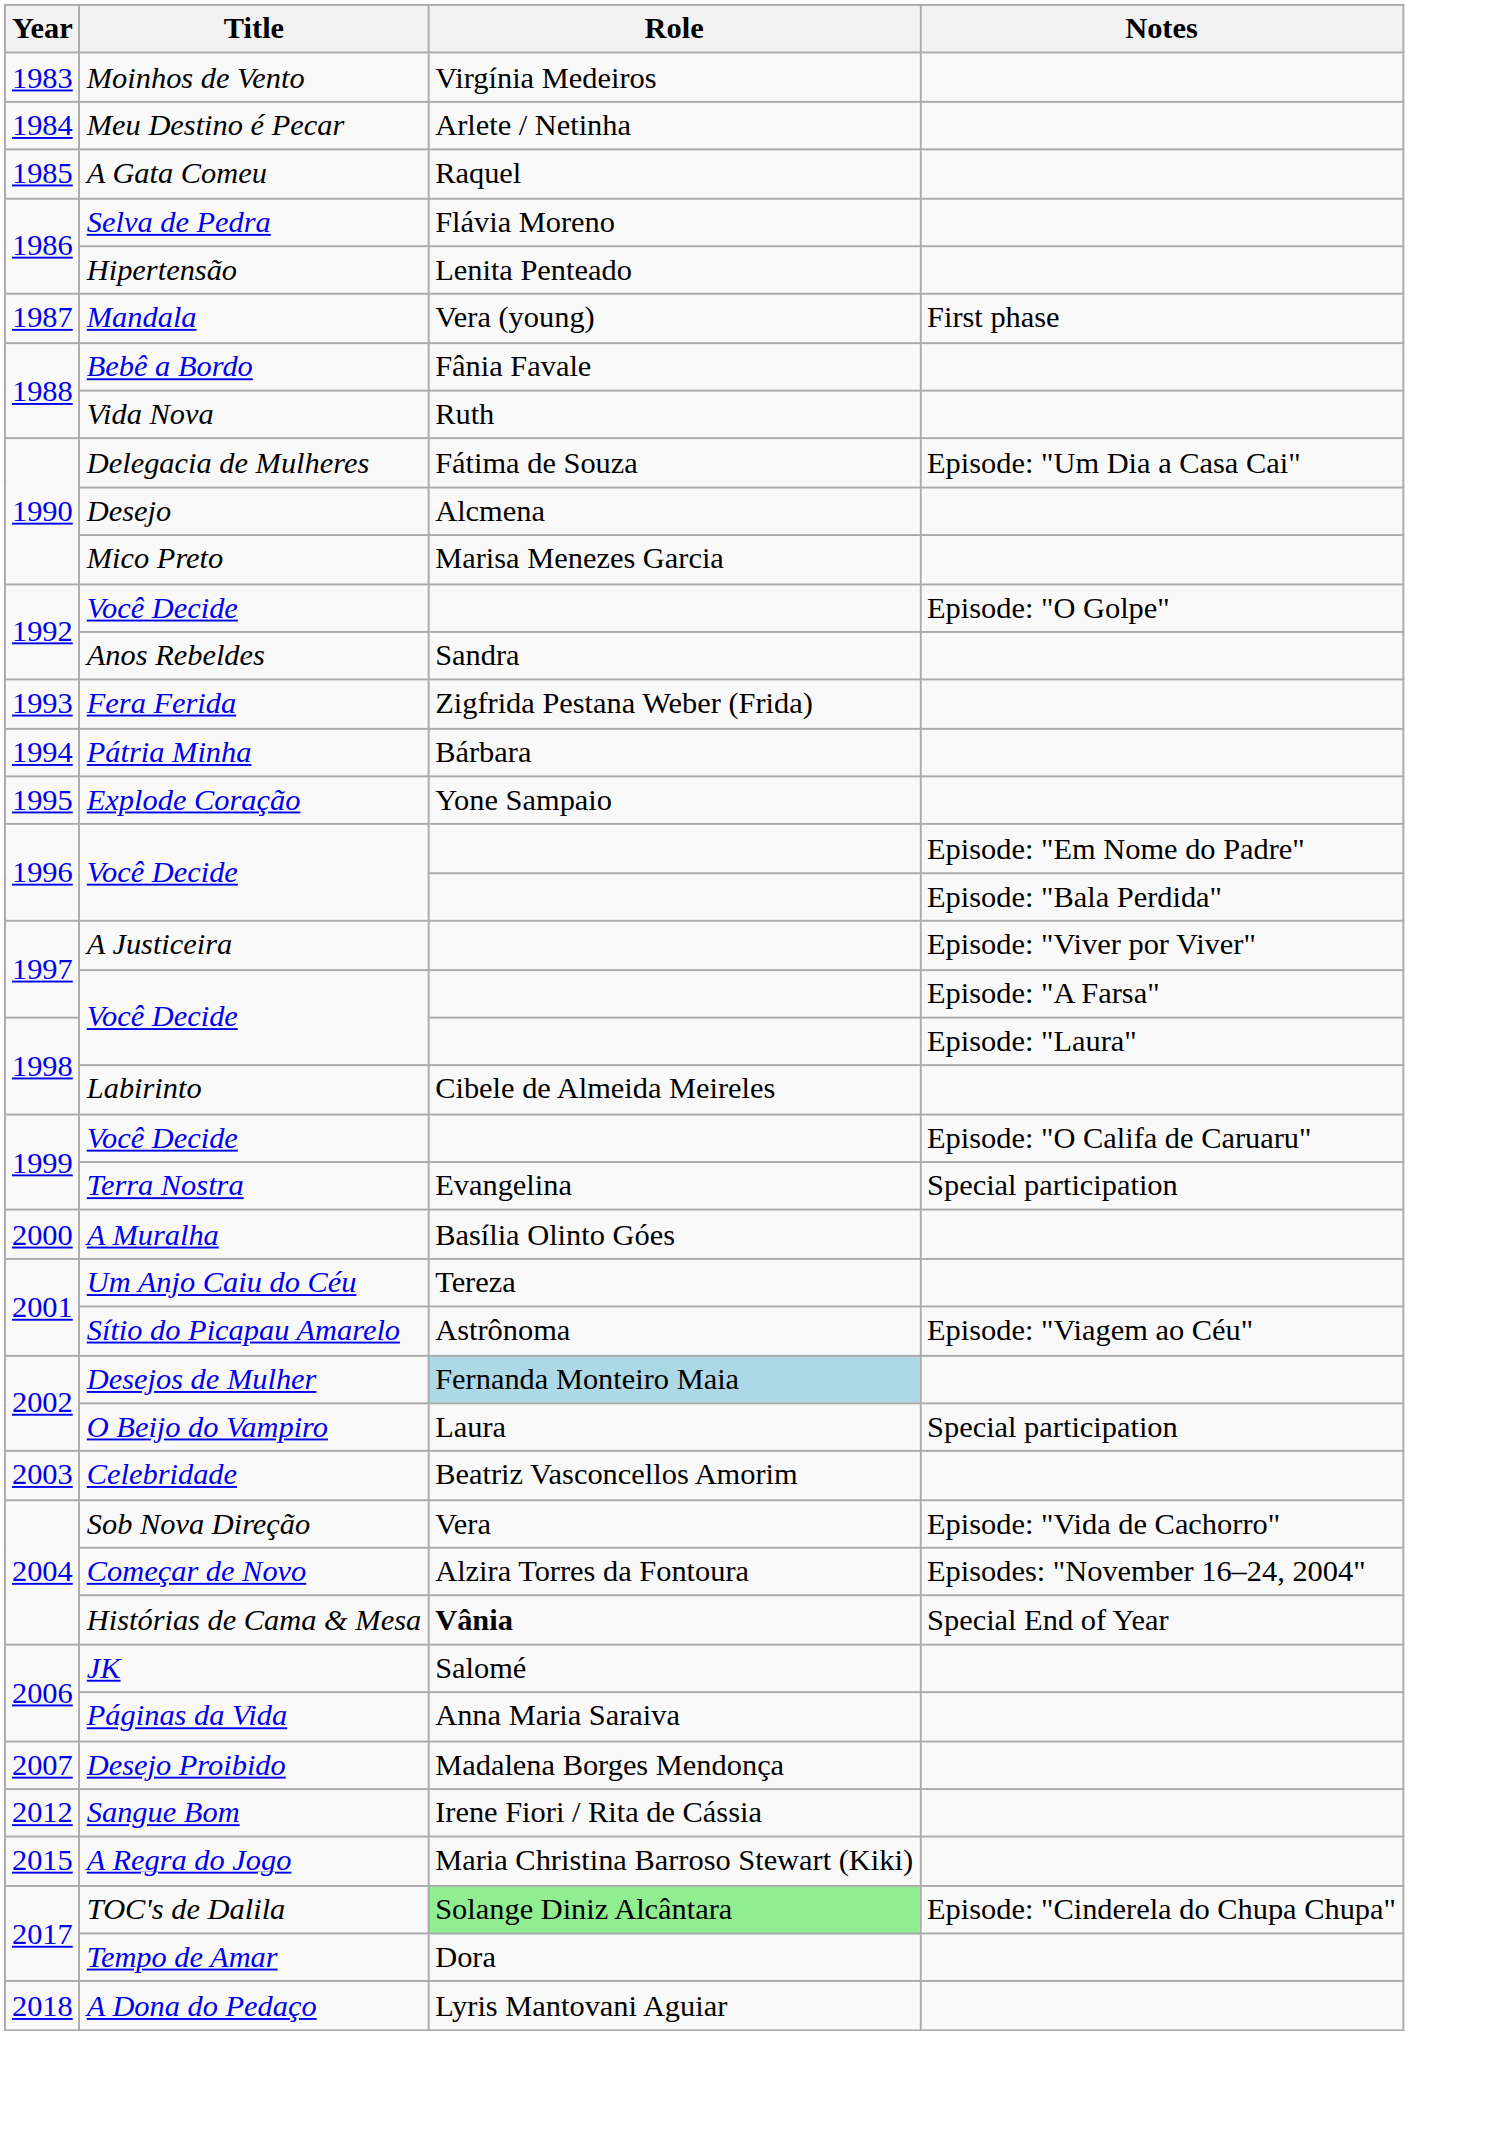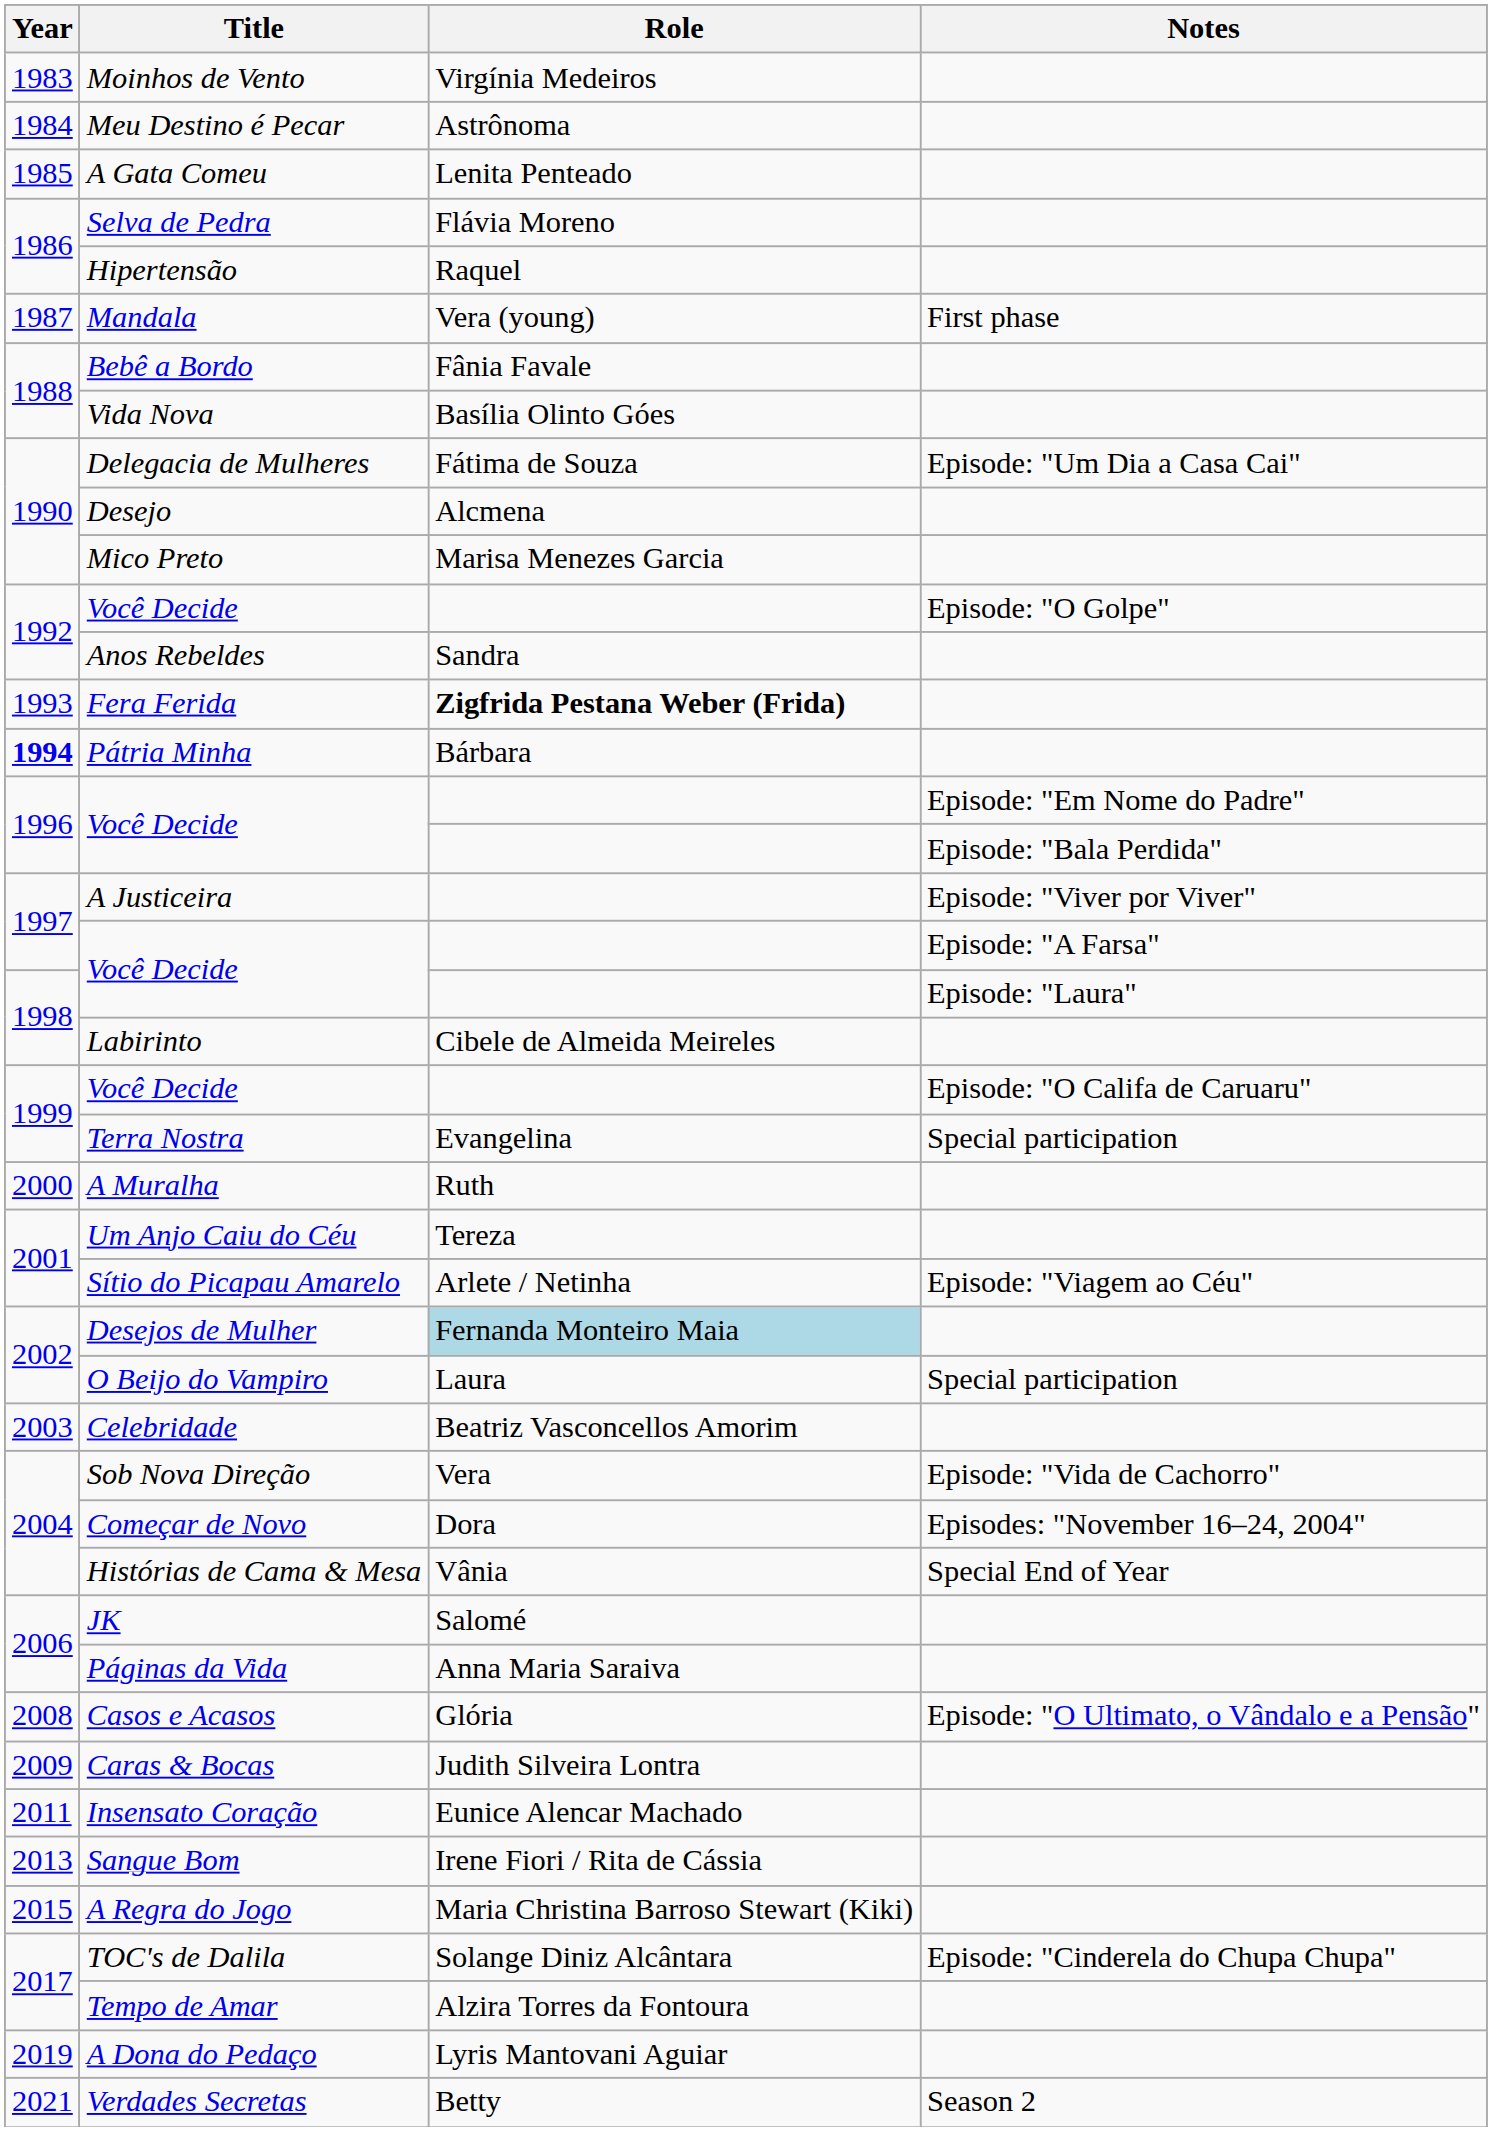 <table class="wikitable">
 <tr>
 <th>Year</th>
 <th>Title</th>
 <th>Role</th>
 <th>Notes</th>
 </tr>
 <tr>
 <td><a href='#'>1983</a></td>
 <td><em>Moinhos de Vento</em></td>
 <td>Virgínia Medeiros</td>
 <td></td>
 </tr>
 <tr>
 <td><a href='#'>1984</a></td>
 <td><em>Meu Destino é Pecar</em></td>
-<td>Arlete / Netinha</td>
+<td>Astrônoma</td>
 <td></td>
 </tr>
 <tr>
 <td><a href='#'>1985</a></td>
 <td><em>A Gata Comeu</em></td>
-<td>Raquel</td>
+<td>Lenita Penteado</td>
 <td></td>
 </tr>
 <tr>
 <td rowspan="2"><a href='#'>1986</a></td>
 <td><em><a href='#'>Selva de Pedra</a></em></td>
 <td>Flávia Moreno</td>
 <td></td>
 </tr>
 <tr>
 <td><em>Hipertensão</em></td>
-<td>Lenita Penteado</td>
+<td>Raquel</td>
 <td></td>
 </tr>
 <tr>
 <td><a href='#'>1987</a></td>
 <td><em><a href='#'>Mandala</a></em></td>
 <td>Vera (young)</td>
 <td>First phase</td>
 </tr>
 <tr>
 <td rowspan="2"><a href='#'>1988</a></td>
 <td><em><a href='#'>Bebê a Bordo</a></em></td>
 <td>Fânia Favale</td>
 <td></td>
 </tr>
 <tr>
 <td><em>Vida Nova</em></td>
-<td>Ruth</td>
+<td>Basília Olinto Góes</td>
 <td></td>
 </tr>
 <tr>
 <td rowspan="3"><a href='#'>1990</a></td>
 <td><em>Delegacia de Mulheres</em></td>
 <td>Fátima de Souza</td>
 <td>Episode: "Um Dia a Casa Cai"</td>
 </tr>
 <tr>
 <td><em>Desejo</em></td>
 <td>Alcmena</td>
 <td></td>
 </tr>
 <tr>
 <td><em>Mico Preto</em></td>
 <td>Marisa Menezes Garcia</td>
 <td></td>
 </tr>
 <tr>
 <td rowspan="2"><a href='#'>1992</a></td>
 <td><em><a href='#'>Você Decide</a></em></td>
 <td></td>
 <td>Episode: "O Golpe"</td>
 </tr>
 <tr>
 <td><em>Anos Rebeldes</em></td>
 <td>Sandra</td>
 <td></td>
 </tr>
 <tr>
 <td><a href='#'>1993</a></td>
 <td><em><a href='#'>Fera Ferida</a></em></td>
-<td>Zigfrida Pestana Weber (Frida)</td>
+<td><strong>Zigfrida Pestana Weber (Frida)</strong></td>
 <td></td>
 </tr>
 <tr>
-<td><a href='#'>1994</a></td>
+<td><strong><a href='#'>1994</a></strong></td>
 <td><em><a href='#'>Pátria Minha</a></em></td>
 <td>Bárbara</td>
-<td></td>
-</tr>
-<tr>
-<td><a href='#'>1995</a></td>
-<td><em><a href='#'>Explode Coração</a></em></td>
-<td>Yone Sampaio</td>
 <td></td>
 </tr>
 <tr>
 <td rowspan="2"><a href='#'>1996</a></td>
 <td rowspan="2"><em><a href='#'>Você Decide</a></em></td>
 <td></td>
 <td>Episode: "Em Nome do Padre"</td>
 </tr>
 <tr>
 <td></td>
 <td>Episode: "Bala Perdida"</td>
 </tr>
 <tr>
 <td rowspan="2"><a href='#'>1997</a></td>
 <td><em>A Justiceira</em></td>
 <td></td>
 <td>Episode: "Viver por Viver"</td>
 </tr>
 <tr>
 <td rowspan="2"><em><a href='#'>Você Decide</a></em></td>
 <td></td>
 <td>Episode: "A Farsa"</td>
 </tr>
 <tr>
 <td rowspan="2"><a href='#'>1998</a></td>
 <td></td>
 <td>Episode: "Laura"</td>
 </tr>
 <tr>
 <td><em>Labirinto</em></td>
 <td>Cibele de Almeida Meireles</td>
 <td></td>
 </tr>
 <tr>
 <td rowspan="2"><a href='#'>1999</a></td>
 <td><em><a href='#'>Você Decide</a></em></td>
 <td></td>
 <td>Episode: "O Califa de Caruaru"</td>
 </tr>
 <tr>
 <td><em><a href='#'>Terra Nostra</a></em></td>
 <td>Evangelina</td>
 <td>Special participation</td>
 </tr>
 <tr>
 <td><a href='#'>2000</a></td>
 <td><em><a href='#'>A Muralha</a></em></td>
-<td>Basília Olinto Góes</td>
+<td>Ruth</td>
 <td></td>
 </tr>
 <tr>
 <td rowspan="2"><a href='#'>2001</a></td>
 <td><em><a href='#'>Um Anjo Caiu do Céu</a></em></td>
 <td>Tereza</td>
 <td></td>
 </tr>
 <tr>
 <td><em><a href='#'>Sítio do Picapau Amarelo</a></em></td>
-<td>Astrônoma</td>
+<td>Arlete / Netinha</td>
 <td>Episode: "Viagem ao Céu"</td>
 </tr>
 <tr>
 <td rowspan="2"><a href='#'>2002</a></td>
 <td><em><a href='#'>Desejos de Mulher</a></em></td>
 <td style="background: lightblue;">Fernanda Monteiro Maia</td>
 <td></td>
 </tr>
 <tr>
 <td><em><a href='#'>O Beijo do Vampiro</a></em></td>
 <td>Laura</td>
 <td>Special participation</td>
 </tr>
 <tr>
 <td><a href='#'>2003</a></td>
 <td><em><a href='#'>Celebridade</a></em></td>
 <td>Beatriz Vasconcellos Amorim</td>
 <td></td>
 </tr>
 <tr>
 <td rowspan="3"><a href='#'>2004</a></td>
 <td><em>Sob Nova Direção</em></td>
 <td>Vera</td>
 <td>Episode: "Vida de Cachorro"</td>
 </tr>
 <tr>
 <td><em><a href='#'>Começar de Novo</a></em></td>
-<td>Alzira Torres da Fontoura</td>
+<td>Dora</td>
 <td>Episodes: "November 16–24, 2004"</td>
 </tr>
 <tr>
 <td><em>Histórias de Cama & Mesa</em></td>
-<td><strong>Vânia</strong></td>
+<td>Vânia</td>
 <td>Special End of Year</td>
 </tr>
 <tr>
 <td rowspan="2"><a href='#'>2006</a></td>
 <td><em><a href='#'>JK</a></em></td>
 <td>Salomé</td>
 <td></td>
 </tr>
 <tr>
 <td><em><a href='#'>Páginas da Vida</a></em></td>
 <td>Anna Maria Saraiva</td>
 <td></td>
 </tr>
 <tr>
-<td><a href='#'>2007</a></td>
-<td><em><a href='#'>Desejo Proibido</a></em></td>
-<td>Madalena Borges Mendonça</td>
+<td><a href='#'>2008</a></td>
+<td><em><a href='#'>Casos e Acasos</a></em></td>
+<td>Glória</td>
+<td>Episode: "<a href='#'>O Ultimato, o Vândalo e a Pensão</a>"</td>
+</tr>
+<tr>
+<td><a href='#'>2009</a></td>
+<td><em><a href='#'>Caras & Bocas</a></em></td>
+<td>Judith Silveira Lontra</td>
 <td></td>
 </tr>
 <tr>
-<td><a href='#'>2012</a></td>
+<td><a href='#'>2011</a></td>
+<td><em><a href='#'>Insensato Coração</a></em></td>
+<td>Eunice Alencar Machado</td>
+<td></td>
+</tr>
+<tr>
+<td><a href='#'>2013</a></td>
 <td><em><a href='#'>Sangue Bom</a></em></td>
 <td>Irene Fiori / Rita de Cássia</td>
 <td></td>
 </tr>
 <tr>
 <td><a href='#'>2015</a></td>
 <td><em><a href='#'>A Regra do Jogo</a></em></td>
 <td>Maria Christina Barroso Stewart (Kiki)</td>
 <td></td>
 </tr>
 <tr>
 <td rowspan="2:"><a href='#'>2017</a></td>
 <td><em>TOC's de Dalila</em></td>
-<td style="background: lightgreen;">Solange Diniz Alcântara</td>
+<td>Solange Diniz Alcântara</td>
 <td>Episode: "Cinderela do Chupa Chupa"</td>
 </tr>
 <tr>
 <td><em><a href='#'>Tempo de Amar</a></em></td>
-<td>Dora</td>
+<td>Alzira Torres da Fontoura</td>
 <td></td>
 </tr>
 <tr>
-<td><a href='#'>2018</a></td>
+<td><a href='#'>2019</a></td>
 <td><em><a href='#'>A Dona do Pedaço</a></em></td>
 <td>Lyris Mantovani Aguiar</td>
 <td></td>
 </tr>
+<tr>
+<td><a href='#'>2021</a></td>
+<td><em><a href='#'>Verdades Secretas</a></em></td>
+<td>Betty</td>
+<td>Season 2</td>
+</tr>
 </table>
